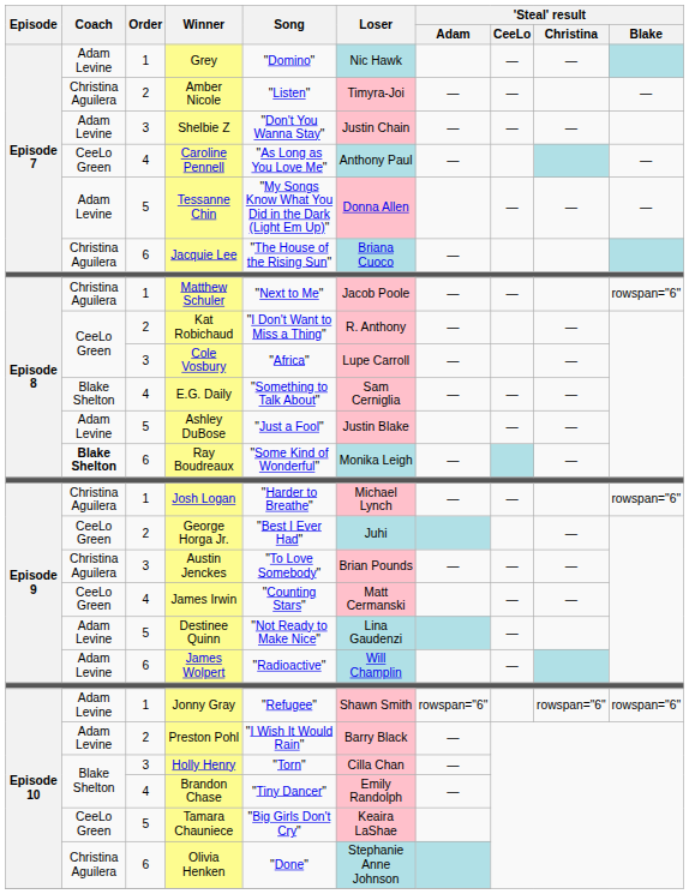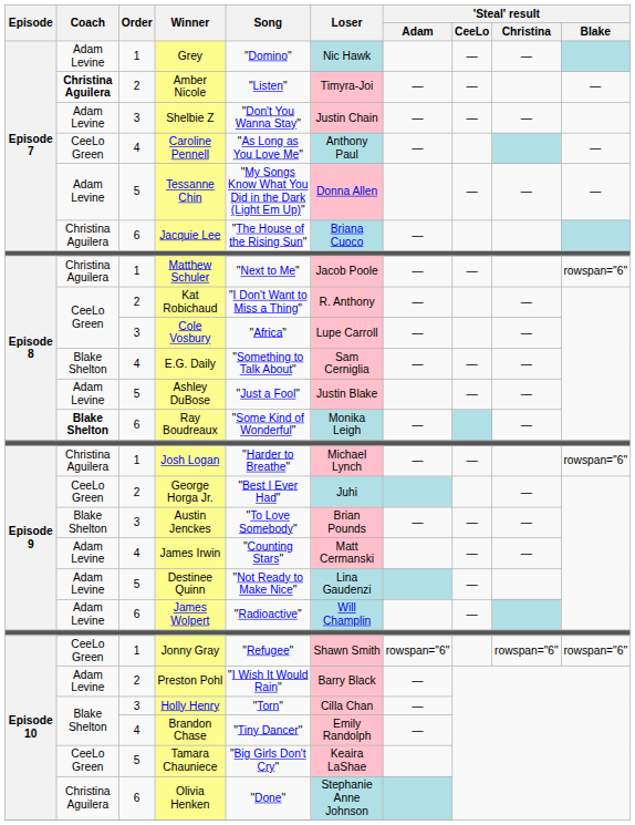 <table class="wikitable" style="text-align: center; width:100%;">
 <tr>
 <th rowspan="2" width="10%">Episode</th>
 <th rowspan="2" width="15%">Coach</th>
 <th rowspan="2" width="05%">Order</th>
 <th rowspan="2" width="18%">Winner</th>
 <th rowspan="2" width="22%">Song</th>
 <th rowspan="2" width="20%">Loser</th>
 <th colspan="4" width="20%">'Steal' result</th>
 </tr>
 <tr>
 <th width="05%">Adam</th>
 <th width="05%">CeeLo</th>
 <th width="05%">Christina</th>
 <th width="05%">Blake</th>
 </tr>
 <tr>
 <th rowspan="6">Episode 7<br><small></small></th>
 <td>Adam Levine</td>
 <td>1</td>
 <td style="background:#fdfc8f;">Grey</td>
 <td>"<a href='#'>Domino</a>"</td>
 <td style="background:#B0E0E6;">Nic Hawk</td>
 <td></td>
 <td>—</td>
 <td>—</td>
 <td style="background:#B0E0E6;"><strong></strong></td>
 </tr>
 <tr>
-<td>Christina Aguilera</td>
+<td><strong>Christina Aguilera</strong></td>
 <td>2</td>
 <td style="background:#fdfc8f;">Amber Nicole</td>
 <td>"<a href='#'>Listen</a>"</td>
 <td style="background:pink;">Timyra-Joi</td>
 <td>—</td>
 <td>—</td>
 <td></td>
 <td>—</td>
 </tr>
 <tr>
 <td>Adam Levine</td>
 <td>3</td>
 <td style="background:#fdfc8f;">Shelbie Z</td>
 <td>"<a href='#'>Don't You Wanna Stay</a>"</td>
 <td style="background:pink;">Justin Chain</td>
 <td>—</td>
 <td>—</td>
 <td>—</td>
 <td></td>
 </tr>
 <tr>
 <td>CeeLo Green</td>
 <td>4</td>
 <td style="background:#fdfc8f;"><a href='#'>Caroline Pennell</a></td>
 <td>"<a href='#'>As Long as You Love Me</a>"</td>
 <td style="background:#B0E0E6;">Anthony Paul</td>
 <td>—</td>
 <td></td>
 <td style="background:#B0E0E6;"><strong></strong></td>
 <td>—</td>
 </tr>
 <tr>
 <td>Adam Levine</td>
 <td>5</td>
 <td style="background:#fdfc8f;"><a href='#'>Tessanne Chin</a></td>
 <td>"<a href='#'>My Songs Know What You Did in the Dark (Light Em Up)</a>"</td>
 <td style="background:pink;"><a href='#'>Donna Allen</a></td>
 <td></td>
 <td>—</td>
 <td>—</td>
 <td>—</td>
 </tr>
 <tr>
 <td>Christina Aguilera</td>
 <td>6</td>
 <td style="background:#fdfc8f;"><a href='#'>Jacquie Lee</a></td>
 <td>"<a href='#'>The House of the Rising Sun</a>"</td>
 <td style="background:#B0E0E6;"><a href='#'>Briana Cuoco</a></td>
 <td>—</td>
 <td><strong></strong></td>
 <td></td>
 <td style="background:#B0E0E6;"><strong></strong></td>
 </tr>
 <tr>
 <td colspan="10" style="background:#555;"></td>
 </tr>
 <tr>
 <th rowspan="6">Episode 8<br><small></small></th>
 <td>Christina Aguilera</td>
 <td>1</td>
 <td style="background:#fdfc8f;"><a href='#'>Matthew Schuler</a></td>
 <td>"<a href='#'>Next to Me</a>"</td>
 <td style="background:pink;">Jacob Poole</td>
 <td>—</td>
 <td>—</td>
 <td></td>
 <td>rowspan="6" </td>
 </tr>
 <tr>
 <td rowspan="2">CeeLo Green</td>
 <td>2</td>
 <td style="background:#fdfc8f;">Kat Robichaud</td>
 <td>"<a href='#'>I Don't Want to Miss a Thing</a>"</td>
 <td style="background:pink;">R. Anthony</td>
 <td>—</td>
 <td></td>
 <td>—</td>
 </tr>
 <tr>
 <td>3</td>
 <td style="background:#fdfc8f;"><a href='#'>Cole Vosbury</a></td>
 <td>"<a href='#'>Africa</a>"</td>
 <td style="background:pink;">Lupe Carroll</td>
 <td>—</td>
 <td></td>
 <td>—</td>
 </tr>
 <tr>
 <td>Blake Shelton</td>
 <td>4</td>
 <td style="background:#fdfc8f;">E.G. Daily</td>
 <td>"<a href='#'>Something to Talk About</a>"</td>
 <td style="background:pink;">Sam Cerniglia</td>
 <td>—</td>
 <td>—</td>
 <td>—</td>
 </tr>
 <tr>
 <td>Adam Levine</td>
 <td>5</td>
 <td style="background:#fdfc8f;">Ashley DuBose</td>
 <td>"<a href='#'>Just a Fool</a>"</td>
 <td style="background:pink;">Justin Blake</td>
 <td></td>
 <td>—</td>
 <td>—</td>
 </tr>
 <tr>
 <td><strong>Blake Shelton</strong></td>
 <td>6</td>
 <td style="background:#fdfc8f;">Ray Boudreaux</td>
 <td>"<a href='#'>Some Kind of Wonderful</a>"</td>
 <td style="background:#B0E0E6;">Monika Leigh</td>
 <td>—</td>
 <td style="background:#B0E0E6;"><strong></strong></td>
 <td>—</td>
 </tr>
 <tr>
 <td colspan="10" style="background:#555;"></td>
 </tr>
 <tr>
 <th rowspan="6">Episode 9<br><small></small></th>
 <td>Christina Aguilera</td>
 <td>1</td>
 <td style="background:#fdfc8f;"><a href='#'>Josh Logan</a></td>
 <td>"<a href='#'>Harder to Breathe</a>"</td>
 <td style="background:pink;">Michael Lynch</td>
 <td>—</td>
 <td>—</td>
 <td></td>
 <td>rowspan="6" </td>
 </tr>
 <tr>
 <td>CeeLo Green</td>
 <td>2</td>
 <td style="background:#fdfc8f;">George Horga Jr.</td>
 <td>"<a href='#'>Best I Ever Had</a>"</td>
 <td style="background:#B0E0E6;">Juhi</td>
 <td style="background:#B0E0E6;"><strong></strong></td>
 <td></td>
 <td>—</td>
 </tr>
 <tr>
-<td>Christina Aguilera</td>
+<td>Blake Shelton</td>
 <td>3</td>
 <td style="background:#fdfc8f;">Austin Jenckes</td>
 <td>"<a href='#'>To Love Somebody</a>"</td>
 <td style="background:pink;">Brian Pounds</td>
 <td>—</td>
 <td>—</td>
 <td>—</td>
 </tr>
 <tr>
-<td>CeeLo Green</td>
+<td>Adam Levine</td>
 <td>4</td>
 <td style="background:#fdfc8f;">James Irwin</td>
 <td>"<a href='#'>Counting Stars</a>"</td>
 <td style="background:pink;">Matt Cermanski</td>
 <td></td>
 <td>—</td>
 <td>—</td>
 </tr>
 <tr>
 <td>Adam Levine</td>
 <td>5</td>
 <td style="background:#fdfc8f;">Destinee Quinn</td>
 <td>"<a href='#'>Not Ready to Make Nice</a>"</td>
 <td style="background:#B0E0E6;">Lina Gaudenzi</td>
 <td style="background:#B0E0E6;"><strong></strong></td>
 <td>—</td>
 <td></td>
 </tr>
 <tr>
 <td>Adam Levine</td>
 <td>6</td>
 <td style="background:#fdfc8f;"><a href='#'>James Wolpert</a></td>
 <td>"<a href='#'>Radioactive</a>"</td>
 <td style="background:#B0E0E6;"><a href='#'>Will Champlin</a></td>
 <td></td>
 <td>—</td>
 <td style="background:#B0E0E6;"><strong></strong></td>
 </tr>
 <tr>
 <td colspan="10" style="background:#555;"></td>
 </tr>
 <tr>
 <th rowspan="6">Episode 10<br><small></small></th>
-<td>Adam Levine</td>
+<td>CeeLo Green</td>
 <td>1</td>
 <td style="background:#fdfc8f;">Jonny Gray</td>
 <td>"<a href='#'>Refugee</a>"</td>
 <td style="background:pink;">Shawn Smith</td>
 <td>rowspan="6" </td>
 <td></td>
 <td>rowspan="6" </td>
 <td>rowspan="6" </td>
 </tr>
 <tr>
 <td>Adam Levine</td>
 <td>2</td>
 <td style="background:#fdfc8f;">Preston Pohl</td>
 <td>"<a href='#'>I Wish It Would Rain</a>"</td>
 <td style="background:pink;">Barry Black</td>
 <td>—</td>
 </tr>
 <tr>
 <td rowspan="2">Blake Shelton</td>
 <td>3</td>
 <td style="background:#fdfc8f;"><a href='#'>Holly Henry</a></td>
 <td>"<a href='#'>Torn</a>"</td>
 <td style="background:pink;">Cilla Chan</td>
 <td>—</td>
 </tr>
 <tr>
 <td>4</td>
 <td style="background:#fdfc8f;">Brandon Chase</td>
 <td>"<a href='#'>Tiny Dancer</a>"</td>
 <td style="background:pink;">Emily Randolph</td>
 <td>—</td>
 </tr>
 <tr>
 <td>CeeLo Green</td>
 <td>5</td>
 <td style="background:#fdfc8f;">Tamara Chauniece</td>
 <td>"<a href='#'>Big Girls Don't Cry</a>"</td>
 <td style="background:pink;">Keaira LaShae</td>
 <td></td>
 </tr>
 <tr>
 <td>Christina Aguilera</td>
 <td>6</td>
 <td style="background:#fdfc8f;">Olivia Henken</td>
 <td>"<a href='#'>Done</a>"</td>
 <td style="background:#B0E0E6;">Stephanie Anne Johnson</td>
 <td style="background:#B0E0E6;"><strong></strong></td>
 </tr>
 <tr>
 </tr>
 </table>
